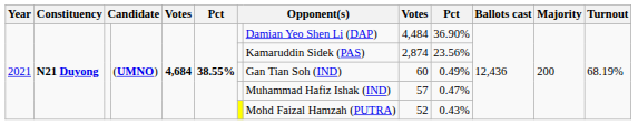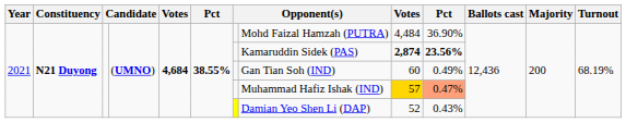 <table class="wikitable" style="margin:0.5em ; font-size:95%">
 <tr>
 <th>Year</th>
 <th>Constituency</th>
 <th colspan=2>Candidate</th>
 <th>Votes</th>
 <th>Pct</th>
 <th colspan=2>Opponent(s)</th>
 <th>Votes</th>
 <th>Pct</th>
 <th>Ballots cast</th>
 <th>Majority</th>
 <th>Turnout</th>
 </tr>
 <tr>
 <td rowspan="5"><a href='#'>2021</a></td>
 <td rowspan="5"><strong>N21 <a href='#'>Duyong</a></strong></td>
 <td rowspan="5" ></td>
 <td rowspan="5"> (<a href='#'><strong>UMNO</strong></a>)</td>
 <td rowspan="5" align="right"><strong>4,684</strong></td>
 <td rowspan="5" align="right"><strong>38.55%</strong></td>
 <td></td>
-<td><a href='#'>Damian Yeo Shen Li</a> (<a href='#'>DAP</a>)</td>
+<td>Mohd Faizal Hamzah (<a href='#'>PUTRA</a>)</td>
 <td align="right">4,484</td>
 <td align="right">36.90%</td>
 <td rowspan="5">12,436</td>
 <td rowspan="5">200</td>
 <td rowspan="5">68.19%</td>
 </tr>
 <tr>
 <td bgcolor=></td>
 <td>Kamaruddin Sidek (<a href='#'>PAS</a>)</td>
-<td align="right">2,874</td>
-<td align="right">23.56%</td>
+<td align="right"><strong>2,874</strong></td>
+<td align="right"><strong>23.56%</strong></td>
 </tr>
 <tr>
 <td></td>
 <td>Gan Tian Soh (<a href='#'>IND</a>)</td>
 <td align="right">60</td>
 <td align="right">0.49%</td>
 </tr>
 <tr>
 <td></td>
 <td>Muhammad Hafiz Ishak (<a href='#'>IND</a>)</td>
-<td align="right">57</td>
-<td align="right">0.47%</td>
+<td align="right" style="background: gold;">57</td>
+<td align="right" style="background: lightsalmon;">0.47%</td>
 </tr>
 <tr>
 <td bgcolor="yellow"></td>
-<td>Mohd Faizal Hamzah (<a href='#'>PUTRA</a>)</td>
+<td><a href='#'>Damian Yeo Shen Li</a> (<a href='#'>DAP</a>)</td>
 <td align="right">52</td>
 <td align="right">0.43%</td>
 </tr>
 </table>
